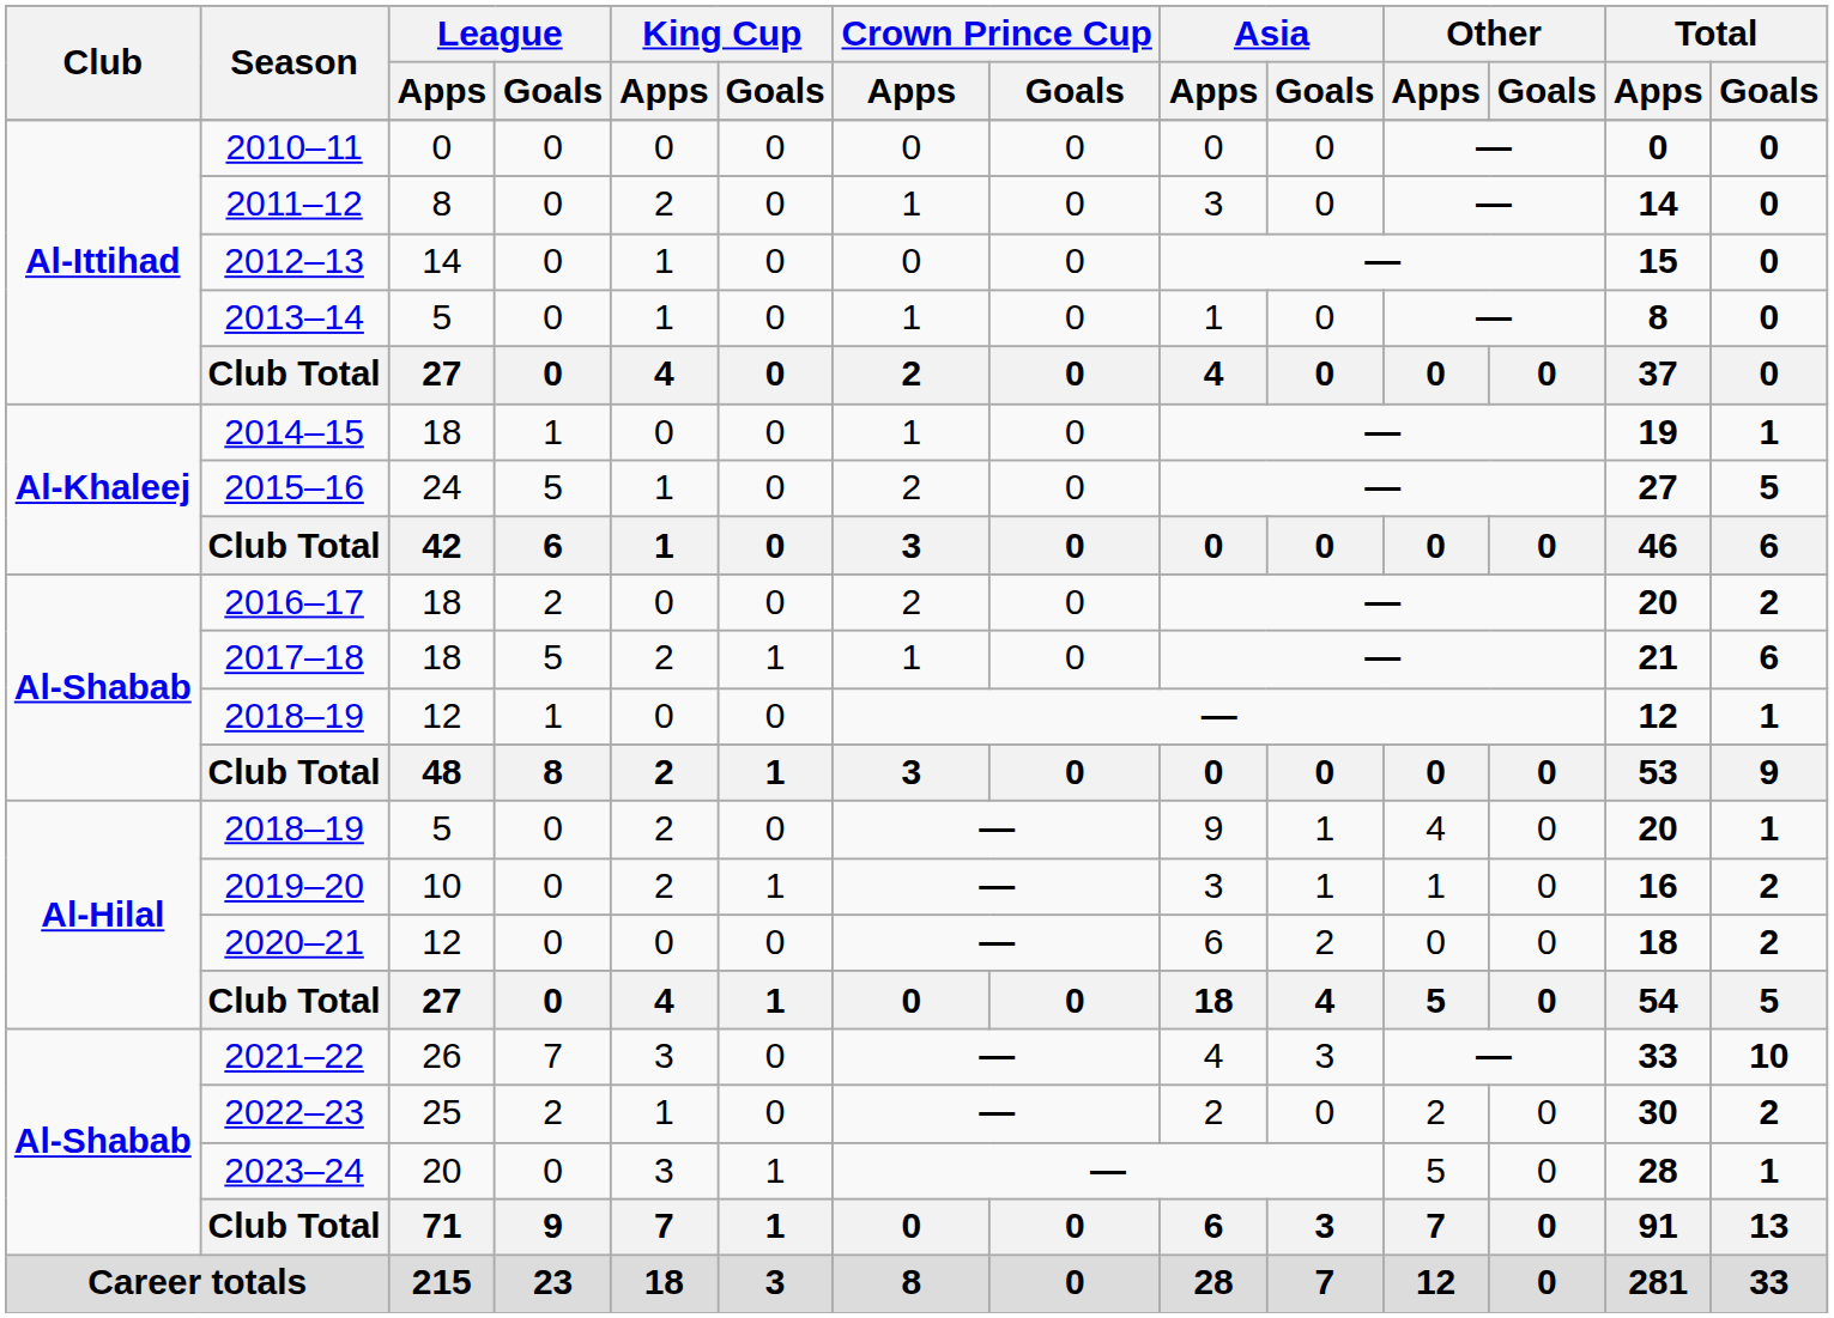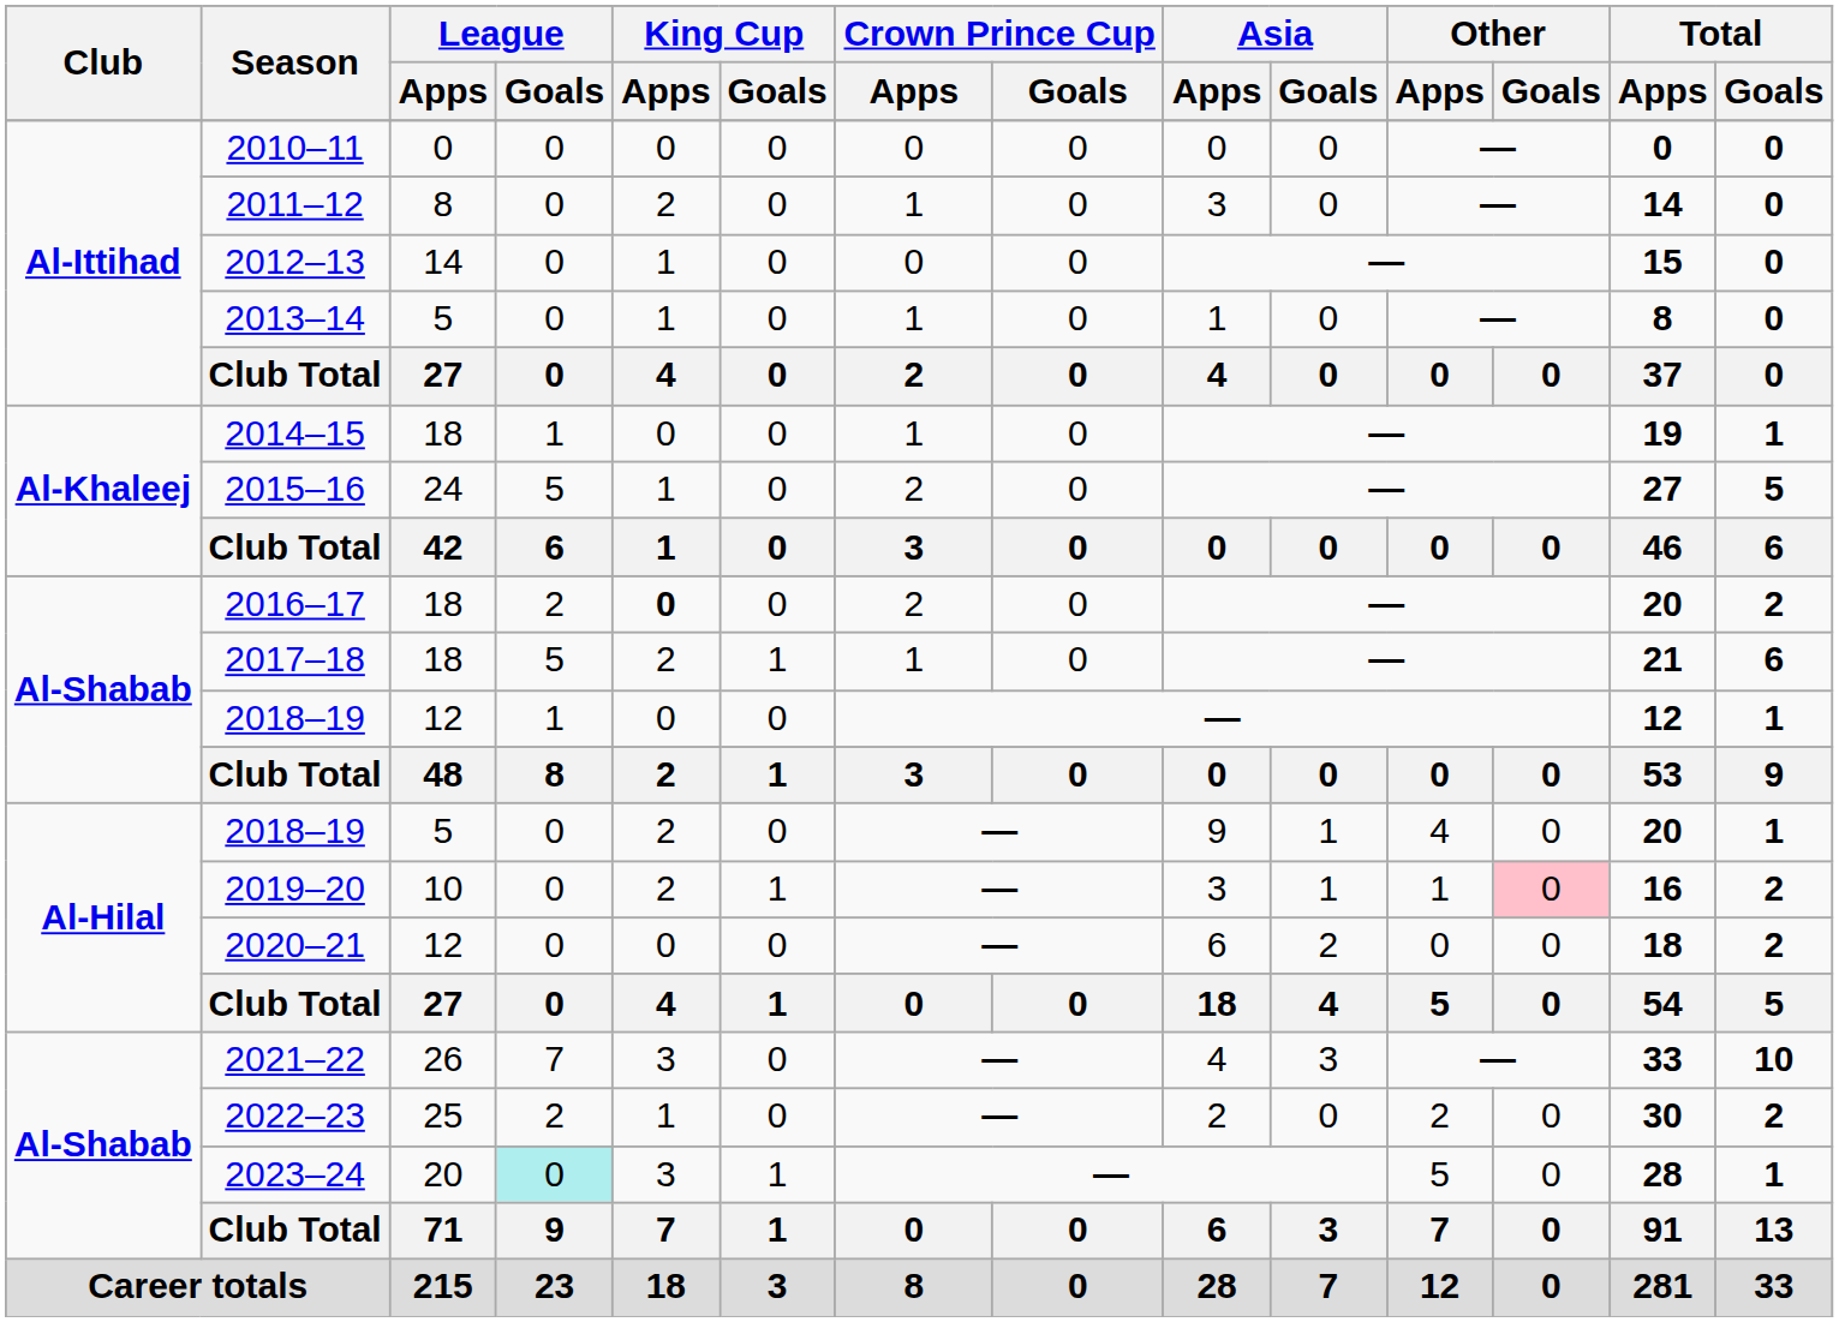 <table class="wikitable" style="text-align: center;">
 <tr>
 <th rowspan="2">Club</th>
 <th rowspan="2">Season</th>
 <th colspan="2"><a href='#'>League</a></th>
 <th colspan="2"><a href='#'>King Cup</a></th>
 <th colspan="2"><a href='#'>Crown Prince Cup</a> </th>
 <th colspan="2"><a href='#'>Asia</a></th>
 <th colspan="2">Other</th>
 <th colspan="2">Total</th>
 </tr>
 <tr>
 <th>Apps</th>
 <th>Goals</th>
 <th>Apps</th>
 <th>Goals</th>
 <th>Apps</th>
 <th>Goals</th>
 <th>Apps</th>
 <th>Goals</th>
 <th>Apps</th>
 <th>Goals</th>
 <th>Apps</th>
 <th>Goals</th>
 </tr>
 <tr>
 </tr>
 <tr align=center>
 <td rowspan="5" align=center valign=center><strong><a href='#'>Al-Ittihad</a> </strong></td>
 <td><a href='#'>2010–11</a></td>
 <td>0</td>
 <td>0</td>
 <td>0</td>
 <td>0</td>
 <td>0</td>
 <td>0</td>
 <td>0</td>
 <td>0</td>
 <td Colspan=2><strong>—</strong></td>
 <td><strong>0</strong></td>
 <td><strong>0</strong></td>
 </tr>
 <tr align=center>
 <td><a href='#'>2011–12</a></td>
 <td>8</td>
 <td>0</td>
 <td>2</td>
 <td>0</td>
 <td>1</td>
 <td>0</td>
 <td>3</td>
 <td>0</td>
 <td Colspan=2><strong>—</strong></td>
 <td><strong>14</strong></td>
 <td><strong>0</strong></td>
 </tr>
 <tr align=center>
 <td><a href='#'>2012–13</a></td>
 <td>14</td>
 <td>0</td>
 <td>1</td>
 <td>0</td>
 <td>0</td>
 <td>0</td>
 <td Colspan=4><strong>—</strong></td>
 <td><strong>15</strong></td>
 <td><strong>0</strong></td>
 </tr>
 <tr align=center>
 <td><a href='#'>2013–14</a></td>
 <td>5</td>
 <td>0</td>
 <td>1</td>
 <td>0</td>
 <td>1</td>
 <td>0</td>
 <td>1</td>
 <td>0</td>
 <td Colspan=2><strong>—</strong></td>
 <td><strong>8</strong></td>
 <td><strong>0</strong></td>
 </tr>
 <tr>
 <th colspan="1">Club Total</th>
 <th>27</th>
 <th>0</th>
 <th>4</th>
 <th>0</th>
 <th>2</th>
 <th>0</th>
 <th>4</th>
 <th>0</th>
 <th>0</th>
 <th>0</th>
 <th>37</th>
 <th>0</th>
 </tr>
 <tr align=center>
 <td rowspan="3" align=center valign=center><strong><a href='#'>Al-Khaleej</a> </strong></td>
 <td><a href='#'>2014–15</a></td>
 <td>18</td>
 <td>1</td>
 <td>0</td>
 <td>0</td>
 <td>1</td>
 <td>0</td>
 <td Colspan=4><strong>—</strong></td>
 <td><strong>19</strong></td>
 <td><strong>1</strong></td>
 </tr>
 <tr align=center>
 <td><a href='#'>2015–16</a></td>
 <td>24</td>
 <td>5</td>
 <td>1</td>
 <td>0</td>
 <td>2</td>
 <td>0</td>
 <td Colspan=4><strong>—</strong></td>
 <td><strong>27</strong></td>
 <td><strong>5</strong></td>
 </tr>
 <tr align=center>
 <th colspan="1">Club Total</th>
 <th>42</th>
 <th>6</th>
 <th>1</th>
 <th>0</th>
 <th>3</th>
 <th>0</th>
 <th>0</th>
 <th>0</th>
 <th>0</th>
 <th>0</th>
 <th>46</th>
 <th>6</th>
 </tr>
 <tr align=center>
 <td rowspan="4" align=center valign=center><strong><a href='#'>Al-Shabab</a> </strong></td>
 <td><a href='#'>2016–17</a></td>
 <td>18</td>
 <td>2</td>
-<td>0</td>
+<td><strong>0</strong></td>
 <td>0</td>
 <td>2</td>
 <td>0</td>
 <td Colspan=4><strong>—</strong></td>
 <td><strong>20</strong></td>
 <td><strong>2</strong></td>
 </tr>
 <tr align=center>
 <td><a href='#'>2017–18</a></td>
 <td>18</td>
 <td>5</td>
 <td>2</td>
 <td>1</td>
 <td>1</td>
 <td>0</td>
 <td Colspan=4><strong>—</strong></td>
 <td><strong>21</strong></td>
 <td><strong>6</strong></td>
 </tr>
 <tr align=center>
 <td><a href='#'>2018–19</a></td>
 <td>12</td>
 <td>1</td>
 <td>0</td>
 <td>0</td>
 <td Colspan=6><strong>—</strong></td>
 <td><strong>12</strong></td>
 <td><strong>1</strong></td>
 </tr>
 <tr align=center>
 <th colspan="1">Club Total</th>
 <th>48</th>
 <th>8</th>
 <th>2</th>
 <th>1</th>
 <th>3</th>
 <th>0</th>
 <th>0</th>
 <th>0</th>
 <th>0</th>
 <th>0</th>
 <th>53</th>
 <th>9</th>
 </tr>
 <tr align=center>
 <td rowspan="4" align=center valign=center><strong><a href='#'>Al-Hilal</a> </strong></td>
 <td><a href='#'>2018–19</a></td>
 <td>5</td>
 <td>0</td>
 <td>2</td>
 <td>0</td>
 <td Colspan=2><strong>—</strong></td>
 <td>9</td>
 <td>1</td>
 <td>4</td>
 <td>0</td>
 <td><strong>20</strong></td>
 <td><strong>1</strong></td>
 </tr>
 <tr align=center>
 <td><a href='#'>2019–20</a></td>
 <td>10</td>
 <td>0</td>
 <td>2</td>
 <td>1</td>
 <td Colspan=2><strong>—</strong></td>
 <td>3</td>
 <td>1</td>
 <td>1</td>
-<td>0</td>
+<td style="background: pink;">0</td>
 <td><strong>16</strong></td>
 <td><strong>2</strong></td>
 </tr>
 <tr align=center>
 <td><a href='#'>2020–21</a></td>
 <td>12</td>
 <td>0</td>
 <td>0</td>
 <td>0</td>
 <td Colspan=2><strong>—</strong></td>
 <td>6</td>
 <td>2</td>
 <td>0</td>
 <td>0</td>
 <td><strong>18</strong></td>
 <td><strong>2</strong></td>
 </tr>
 <tr align=center>
 <th colspan="1">Club Total</th>
 <th>27</th>
 <th>0</th>
 <th>4</th>
 <th>1</th>
 <th>0</th>
 <th>0</th>
 <th>18</th>
 <th>4</th>
 <th>5</th>
 <th>0</th>
 <th>54</th>
 <th>5</th>
 </tr>
 <tr align=center>
 <td rowspan="4" align=center valign=center><strong><a href='#'>Al-Shabab</a> </strong></td>
 <td><a href='#'>2021–22</a></td>
 <td>26</td>
 <td>7</td>
 <td>3</td>
 <td>0</td>
 <td Colspan=2><strong>—</strong></td>
 <td>4</td>
 <td>3</td>
 <td Colspan=2><strong>—</strong></td>
 <td><strong>33</strong></td>
 <td><strong>10</strong></td>
 </tr>
 <tr align=center>
 <td><a href='#'>2022–23</a></td>
 <td>25</td>
 <td>2</td>
 <td>1</td>
 <td>0</td>
 <td Colspan=2><strong>—</strong></td>
 <td>2</td>
 <td>0</td>
 <td>2</td>
 <td>0</td>
 <td><strong>30</strong></td>
 <td><strong>2</strong></td>
 </tr>
 <tr align=center>
 <td><a href='#'>2023–24</a></td>
 <td>20</td>
-<td>0</td>
+<td style="background: paleturquoise;">0</td>
 <td>3</td>
 <td>1</td>
 <td Colspan=4><strong>—</strong></td>
 <td>5</td>
 <td>0</td>
 <td><strong>28</strong></td>
 <td><strong>1</strong></td>
 </tr>
 <tr align=center>
 <th colspan="1">Club Total</th>
 <th>71</th>
 <th>9</th>
 <th>7</th>
 <th>1</th>
 <th>0</th>
 <th>0</th>
 <th>6</th>
 <th>3</th>
 <th>7</th>
 <th>0</th>
 <th>91</th>
 <th>13</th>
 </tr>
 <tr align=center>
 <th style="background: #DCDCDC" colspan="2">Career totals</th>
 <th style="background: #DCDCDC">215</th>
 <th style="background: #DCDCDC">23</th>
 <th style="background: #DCDCDC">18</th>
 <th style="background: #DCDCDC">3</th>
 <th style="background: #DCDCDC">8</th>
 <th style="background: #DCDCDC">0</th>
 <th style="background: #DCDCDC">28</th>
 <th style="background: #DCDCDC">7</th>
 <th style="background: #DCDCDC">12</th>
 <th style="background: #DCDCDC">0</th>
 <th style="background: #DCDCDC">281</th>
 <th style="background: #DCDCDC">33</th>
 </tr>
 </table>
